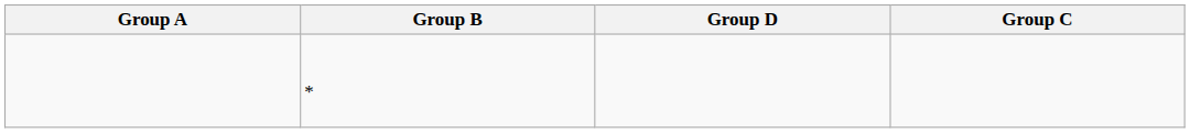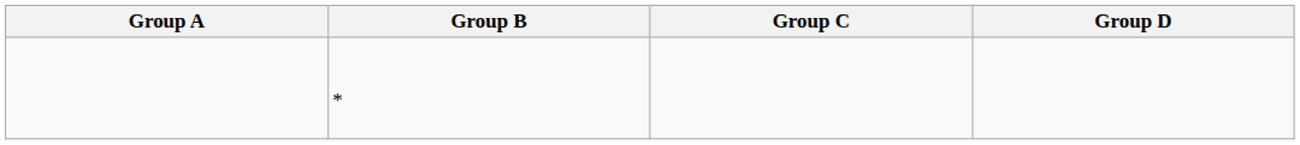 <table class="wikitable" width=80%>
 <tr>
 <th width=25%>Group A</th>
 <th width=25%>Group B</th>
+<th width=25%>Group C</th>
 <th width=25%>Group D</th>
-<th width=25%>Group C</th>
 </tr>
 <tr>
 <td><br><br> <br> <br> </td>
 <td><br><br> <s></s> *<br> <br> </td>
 <td><br><br> <br> <br> </td>
 <td><br><br> <br> <br> </td>
 </tr>
 </table>
